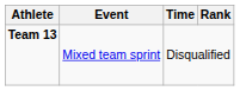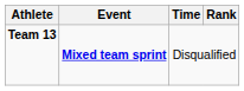 <table class="wikitable" style="font-size:90%">
 <tr>
 <th>Athlete</th>
 <th>Event</th>
 <th>Time</th>
 <th>Rank</th>
 </tr>
 <tr align=center>
 <td align=left><strong>Team 13</strong><br><br><br><br></td>
-<td align=left><a href='#'>Mixed team sprint</a></td>
+<td align=left><strong><a href='#'>Mixed team sprint</a></strong></td>
 <td colspan=2>Disqualified</td>
 </tr>
 </table>
